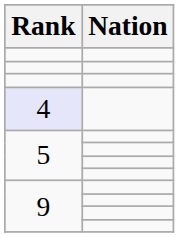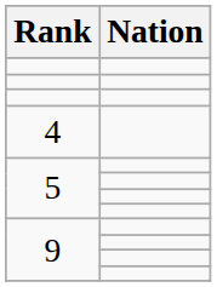 <table class="wikitable sortable">
 <tr>
 <th>Rank</th>
 <th>Nation</th>
 </tr>
 <tr>
 <td align=center></td>
 <td></td>
 </tr>
 <tr>
 <td align=center></td>
 <td></td>
 </tr>
 <tr>
 <td align=center></td>
 <td></td>
 </tr>
 <tr>
-<td align=center style="background: lavender;">4</td>
+<td align=center>4</td>
 <td></td>
 </tr>
 <tr>
 <td align=center rowspan=4>5</td>
 <td></td>
 </tr>
 <tr>
 <td></td>
 </tr>
 <tr>
 <td></td>
 </tr>
 <tr>
 <td></td>
 </tr>
 <tr>
 <td align=center rowspan=4>9</td>
 <td></td>
 </tr>
 <tr>
 <td></td>
 </tr>
 <tr>
 <td></td>
 </tr>
 <tr>
 <td></td>
 </tr>
 </table>
